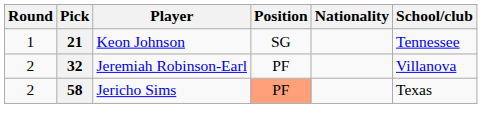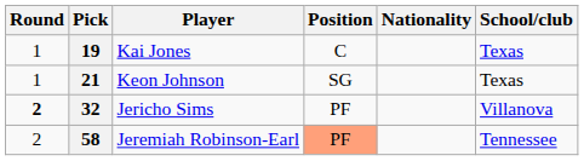 <table class="wikitable">
 <tr>
 <th scope="col">Round</th>
 <th scope="col">Pick</th>
 <th scope="col">Player</th>
 <th scope="col">Position</th>
 <th scope="col">Nationality</th>
 <th scope="col">School/club</th>
 </tr>
 <tr>
 <td style="text-align:center;">1</td>
+<th scope="row">19</th>
+<td><a href='#'>Kai Jones</a></td>
+<td style="text-align:center;">C</td>
+<td></td>
+<td><a href='#'>Texas</a></td>
+</tr>
+<tr>
+<td style="text-align:center;">1</td>
 <th scope="row">21</th>
 <td><a href='#'>Keon Johnson</a></td>
 <td style="text-align:center;">SG</td>
 <td></td>
-<td><a href='#'>Tennessee</a></td>
+<td>Texas</td>
 </tr>
 <tr>
-<td style="text-align:center;">2</td>
+<td style="text-align:center;"><strong>2</strong></td>
 <th scope="row">32</th>
-<td><a href='#'>Jeremiah Robinson-Earl</a></td>
+<td><a href='#'>Jericho Sims</a></td>
 <td style="text-align:center;">PF</td>
 <td></td>
 <td><a href='#'>Villanova</a></td>
 </tr>
 <tr>
 <td style="text-align:center;">2</td>
 <th scope="row">58</th>
-<td><a href='#'>Jericho Sims</a></td>
+<td><a href='#'>Jeremiah Robinson-Earl</a></td>
 <td style="background: lightsalmon; text-align:center;">PF</td>
 <td></td>
-<td>Texas</td>
+<td><a href='#'>Tennessee</a></td>
 </tr>
 </table>
